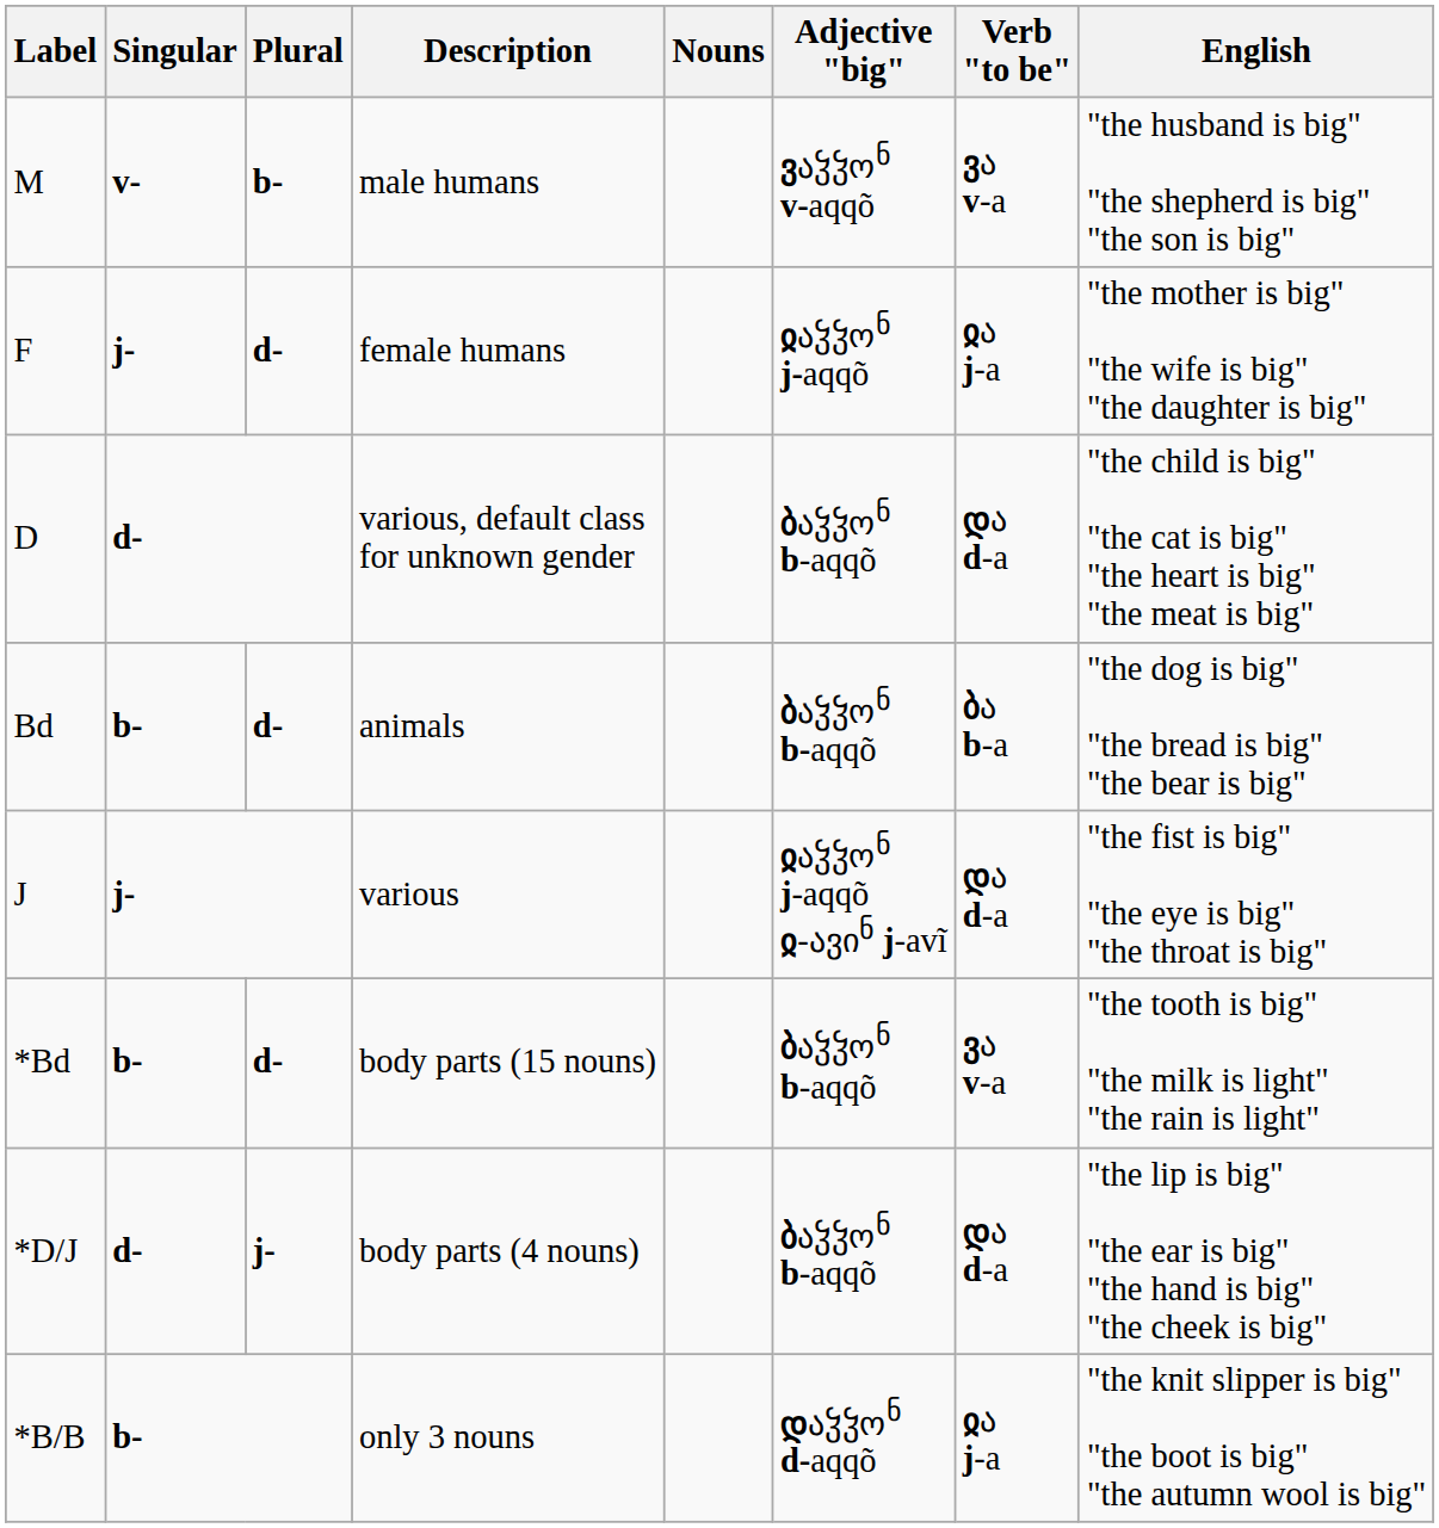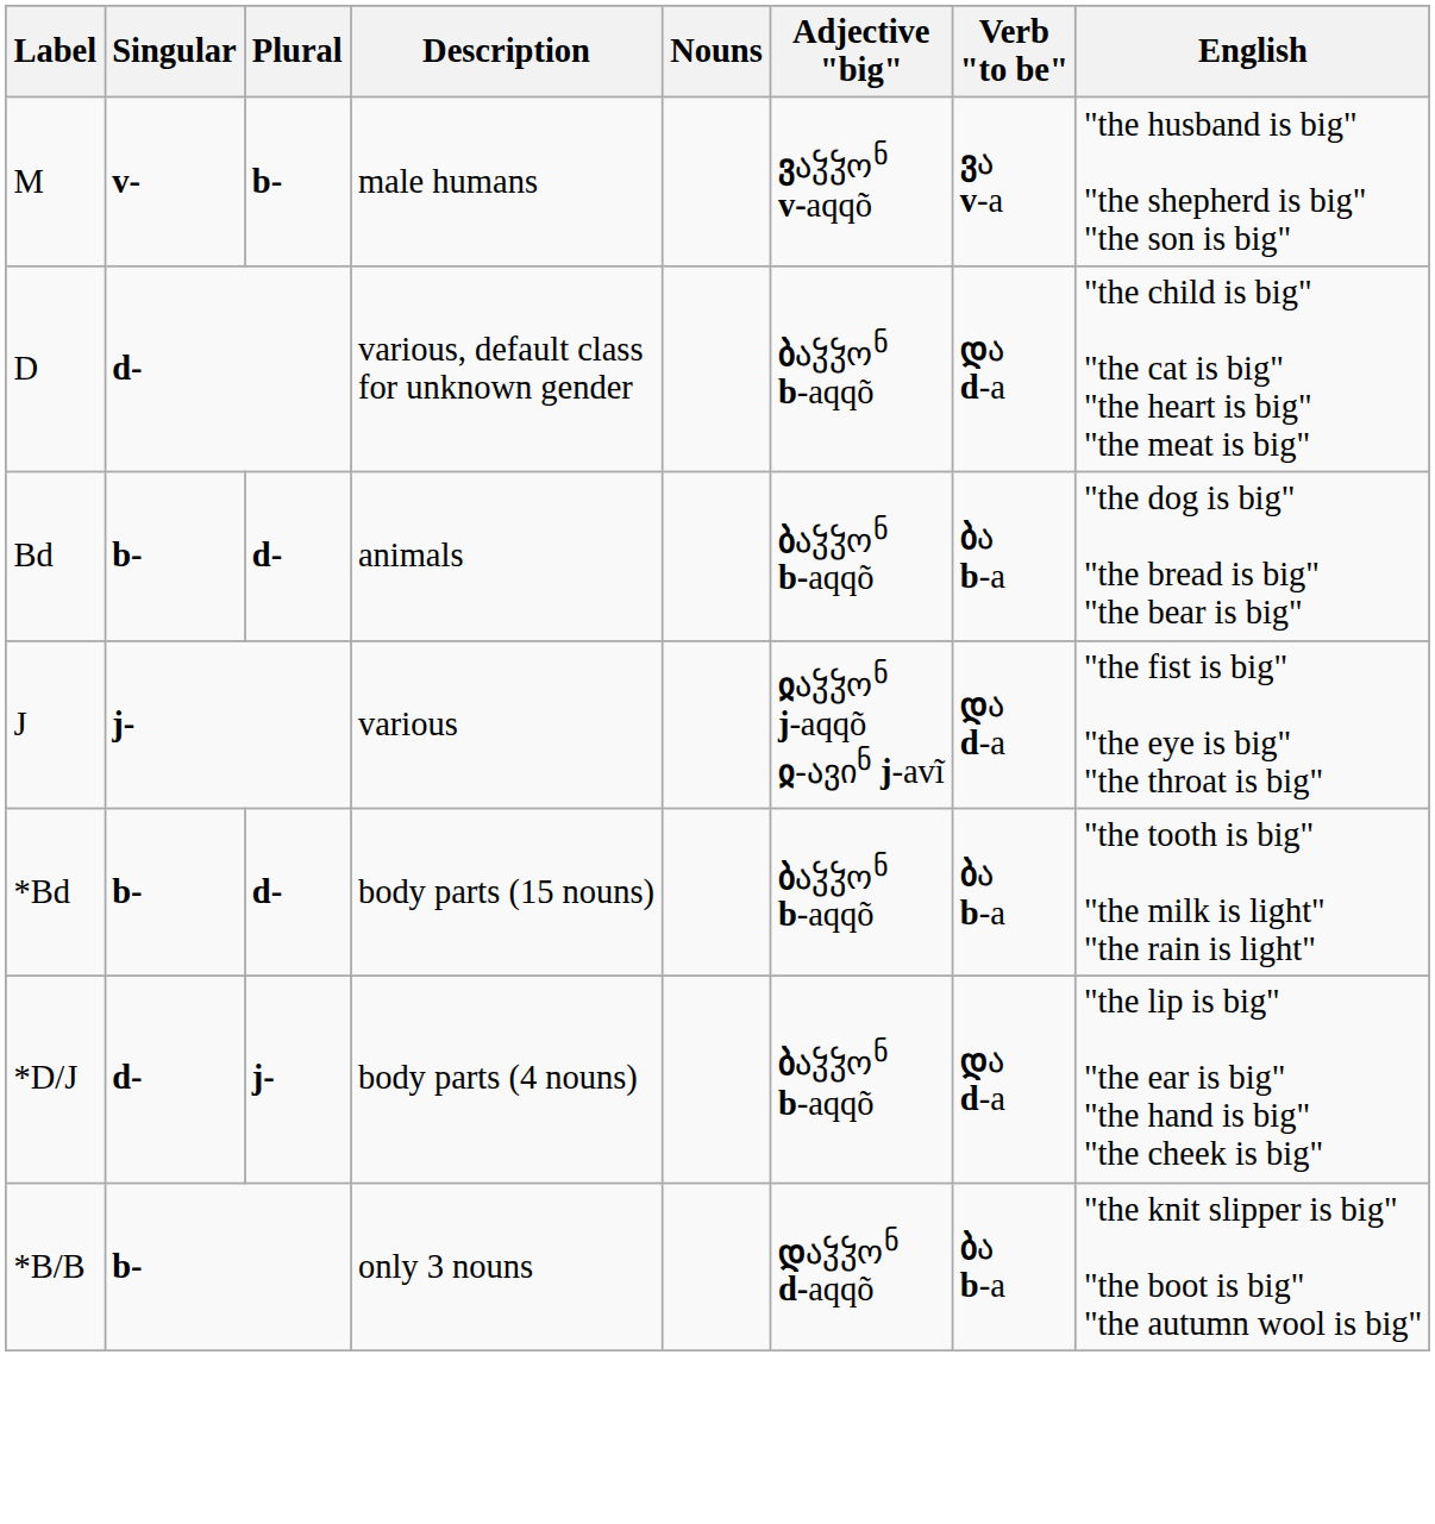 <table class="wikitable">
 <tr>
 <th>Label</th>
 <th>Singular</th>
 <th>Plural</th>
 <th>Description</th>
 <th>Nouns</th>
 <th>Adjective<br>"big"</th>
 <th>Verb<br>"to be"</th>
 <th>English</th>
 </tr>
 <tr>
 <td>M</td>
 <td><strong>v-</strong></td>
 <td><strong>b-</strong></td>
 <td>male humans</td>
 <td></td>
 <td><strong>ვ</strong>აჴჴო<sup>ნ</sup><br><strong>v-</strong>aqqõ</td>
 <td><strong>ვ</strong>ა<br><strong>v</strong>-a</td>
 <td>"the husband is big"<br><br>"the shepherd is big"<br> "the son is big"</td>
-</tr>
-<tr>
-<td>F</td>
-<td><strong>j-</strong></td>
-<td><strong>d-</strong></td>
-<td>female humans</td>
-<td></td>
-<td><strong>ჲ</strong>აჴჴო<sup>ნ</sup><br><strong>j-</strong>aqqõ</td>
-<td><strong>ჲ</strong>ა<br><strong>j</strong>-a</td>
-<td>"the mother is big"<br><br>"the wife is big"<br> "the daughter is big"</td>
 </tr>
 <tr>
 <td>D</td>
 <td colspan="2"><strong>d-</strong></td>
 <td>various, default class<br>for unknown gender</td>
 <td></td>
 <td><strong>ბ</strong>აჴჴო<sup>ნ</sup><br><strong>b</strong>-aqqõ</td>
 <td><strong>დ</strong>ა<br><strong>d</strong>-a</td>
 <td>"the child is big"<br><br>"the cat is big"<br> "the heart is big"<br> "the meat is big"</td>
 </tr>
 <tr>
 <td>Bd</td>
 <td><strong>b-</strong></td>
 <td><strong>d-</strong></td>
 <td>animals</td>
 <td></td>
 <td><strong>ბ</strong>აჴჴო<sup>ნ</sup><br><strong>b-</strong>aqqõ</td>
 <td><strong>ბ</strong>ა<br><strong>b</strong>-a</td>
 <td>"the dog is big"<br><br>"the bread is big"<br> "the bear is big"</td>
 </tr>
 <tr>
 <td>J</td>
 <td colspan="2"><strong>j-</strong></td>
 <td>various</td>
 <td></td>
 <td><strong>ჲ</strong>აჴჴო<sup>ნ</sup><br><strong>j</strong>-aqqõ<br> <strong>ჲ</strong>-ავი<sup>ნ</sup> <strong>j</strong>-avĩ</td>
 <td><strong>დ</strong>ა<br><strong>d</strong>-a</td>
 <td>"the fist is big"<br><br>"the eye is big"<br> "the throat is big"</td>
 </tr>
 <tr>
 <td>*Bd</td>
 <td><strong>b-</strong></td>
 <td><strong>d-</strong></td>
 <td>body parts (15 nouns)</td>
 <td></td>
 <td><strong>ბ</strong>აჴჴო<sup>ნ</sup><br><strong>b</strong>-aqqõ</td>
-<td><strong>ვ</strong>ა<br><strong>v</strong>-a</td>
+<td><strong>ბ</strong>ა<br><strong>b</strong>-a</td>
 <td>"the tooth is big"<br><br>"the milk is light"<br> "the rain is light"</td>
 </tr>
 <tr>
 <td>*D/J</td>
 <td><strong>d-</strong></td>
 <td><strong>j-</strong></td>
 <td>body parts (4 nouns)</td>
 <td></td>
 <td><strong>ბ</strong>აჴჴო<sup>ნ</sup><br><strong>b</strong>-aqqõ</td>
 <td><strong>დ</strong>ა<br><strong>d</strong>-a</td>
 <td>"the lip is big"<br><br>"the ear is big"<br> "the hand is big"<br> "the cheek is big"</td>
 </tr>
 <tr>
 <td>*B/B</td>
 <td colspan="2"><strong>b-</strong></td>
 <td>only 3 nouns</td>
 <td></td>
 <td><strong>დ</strong>აჴჴო<sup>ნ</sup><br><strong>d-</strong>aqqõ</td>
-<td><strong>ჲ</strong>ა<br><strong>j</strong>-a</td>
+<td><strong>ბ</strong>ა<br><strong>b</strong>-a</td>
 <td>"the knit slipper is big"<br><br>"the boot is big"<br> "the autumn wool is big"</td>
 </tr>
 </table>
